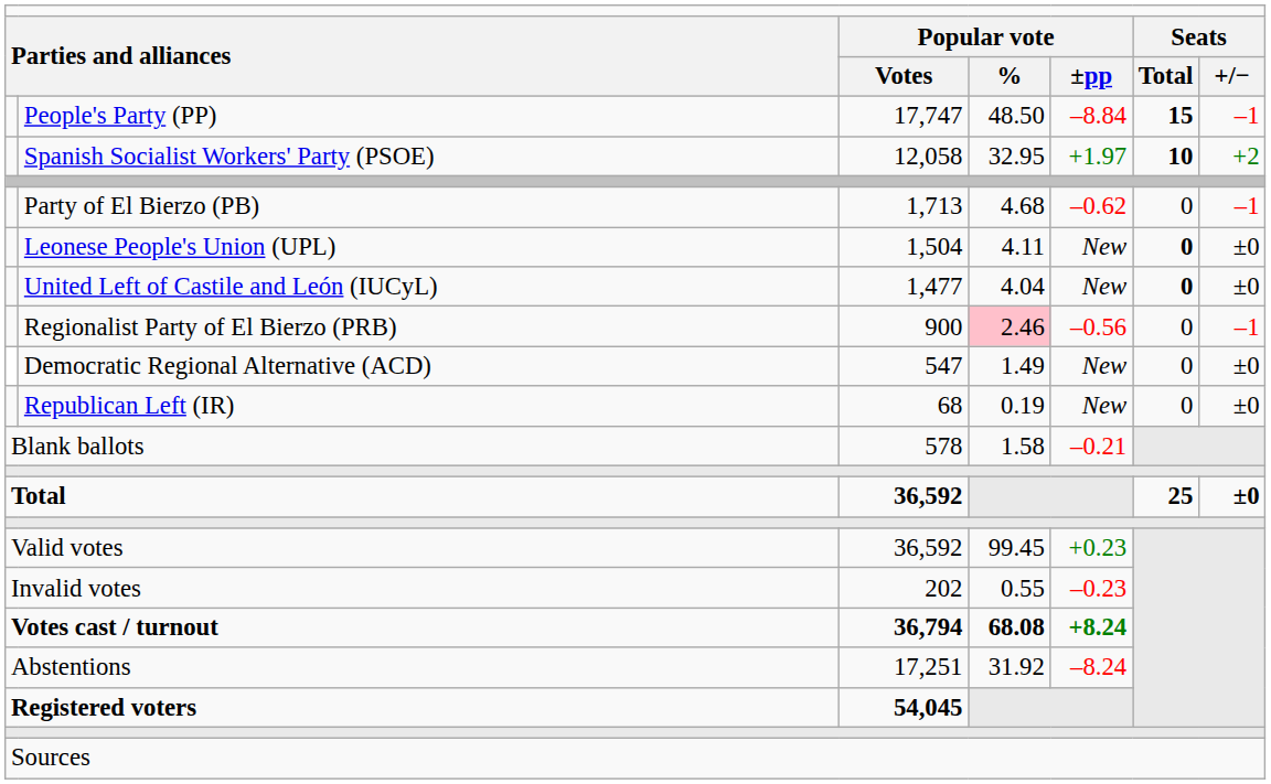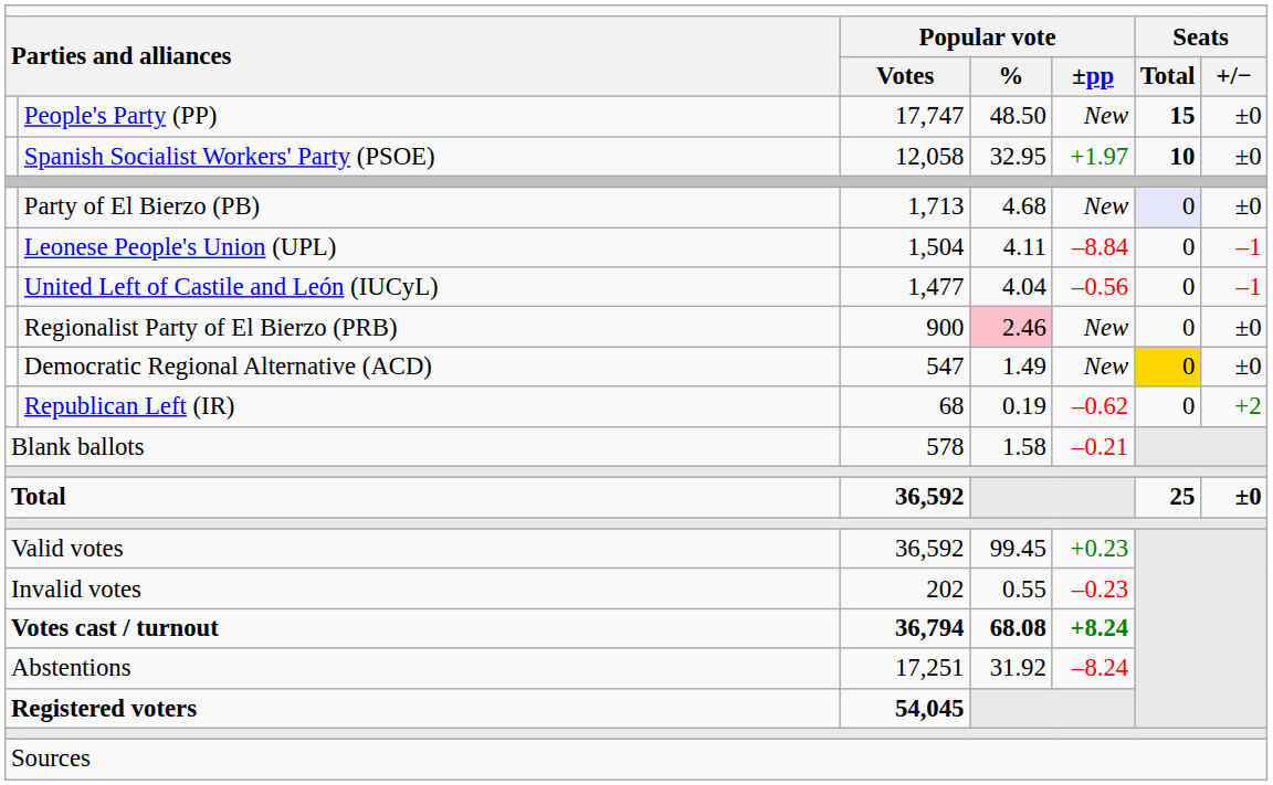 <table class="wikitable" style="text-align:right;">
 <tr>
 <td colspan="7"></td>
 </tr>
 <tr>
 <th style="text-align:left;" rowspan="2" colspan="2" width="525">Parties and alliances</th>
 <th colspan="3">Popular vote</th>
 <th colspan="2">Seats</th>
 </tr>
 <tr>
 <th width="75">Votes</th>
 <th width="45">%</th>
 <th width="45">±<a href='#'>pp</a></th>
 <th width="35">Total</th>
 <th width="35">+/−</th>
 </tr>
 <tr>
 <td width="1" style="color:inherit;background:"></td>
 <td align="left"><a href='#'>People's Party</a> (PP)</td>
 <td>17,747</td>
 <td>48.50</td>
-<td style="color:red;">–8.84</td>
+<td><em>New</em></td>
 <td><strong>15</strong></td>
-<td style="color:red;">–1</td>
+<td>±0</td>
 </tr>
 <tr>
 <td style="color:inherit;background:"></td>
 <td align="left"><a href='#'>Spanish Socialist Workers' Party</a> (PSOE)</td>
 <td>12,058</td>
 <td>32.95</td>
 <td style="color:green;">+1.97</td>
 <td><strong>10</strong></td>
-<td style="color:green;">+2</td>
+<td>±0</td>
 </tr>
 <tr>
 <td colspan="7" bgcolor="#C0C0C0"></td>
 </tr>
 <tr>
 <td style="color:inherit;background:"></td>
 <td align="left">Party of El Bierzo (PB)</td>
 <td>1,713</td>
 <td>4.68</td>
-<td style="color:red;">–0.62</td>
-<td>0</td>
-<td style="color:red;">–1</td>
+<td><em>New</em></td>
+<td style="background: lavender;">0</td>
+<td>±0</td>
 </tr>
 <tr>
 <td style="color:inherit;background:"></td>
 <td align="left"><a href='#'>Leonese People's Union</a> (UPL)</td>
 <td>1,504</td>
 <td>4.11</td>
-<td><em>New</em></td>
-<td><strong>0</strong></td>
-<td>±0</td>
+<td style="color:red;">–8.84</td>
+<td>0</td>
+<td style="color:red;">–1</td>
 </tr>
 <tr>
 <td style="color:inherit;background:"></td>
 <td align="left"><a href='#'>United Left of Castile and León</a> (IUCyL)</td>
 <td>1,477</td>
 <td>4.04</td>
-<td><em>New</em></td>
-<td><strong>0</strong></td>
-<td>±0</td>
+<td style="color:red;">–0.56</td>
+<td>0</td>
+<td style="color:red;">–1</td>
 </tr>
 <tr>
 <td style="color:inherit;background:"></td>
 <td align="left">Regionalist Party of El Bierzo (PRB)</td>
 <td>900</td>
 <td style="background: pink;">2.46</td>
-<td style="color:red;">–0.56</td>
+<td><em>New</em></td>
 <td>0</td>
-<td style="color:red;">–1</td>
+<td>±0</td>
 </tr>
 <tr>
 <td bgcolor="white"></td>
 <td align="left">Democratic Regional Alternative (ACD)</td>
 <td>547</td>
 <td>1.49</td>
 <td><em>New</em></td>
-<td>0</td>
+<td style="background: gold;">0</td>
 <td>±0</td>
 </tr>
 <tr>
 <td style="color:inherit;background:"></td>
 <td align="left"><a href='#'>Republican Left</a> (IR)</td>
 <td>68</td>
 <td>0.19</td>
-<td><em>New</em></td>
+<td style="color:red;">–0.62</td>
 <td>0</td>
-<td>±0</td>
+<td style="color:green;">+2</td>
 </tr>
 <tr>
 <td align="left" colspan="2">Blank ballots</td>
 <td>578</td>
 <td>1.58</td>
 <td style="color:red;">–0.21</td>
 <td bgcolor="#E9E9E9" colspan="2"></td>
 </tr>
 <tr>
 <td colspan="7" bgcolor="#E9E9E9"></td>
 </tr>
 <tr style="font-weight:bold;">
 <td align="left" colspan="2">Total</td>
 <td>36,592</td>
 <td bgcolor="#E9E9E9" colspan="2"></td>
 <td>25</td>
 <td>±0</td>
 </tr>
 <tr>
 <td colspan="7" bgcolor="#E9E9E9"></td>
 </tr>
 <tr>
 <td align="left" colspan="2">Valid votes</td>
 <td>36,592</td>
 <td>99.45</td>
 <td style="color:green;">+0.23</td>
 <td bgcolor="#E9E9E9" colspan="2" rowspan="5"></td>
 </tr>
 <tr>
 <td align="left" colspan="2">Invalid votes</td>
 <td>202</td>
 <td>0.55</td>
 <td style="color:red;">–0.23</td>
 </tr>
 <tr style="font-weight:bold;">
 <td align="left" colspan="2">Votes cast / turnout</td>
 <td>36,794</td>
 <td>68.08</td>
 <td style="color:green;">+8.24</td>
 </tr>
 <tr>
 <td align="left" colspan="2">Abstentions</td>
 <td>17,251</td>
 <td>31.92</td>
 <td style="color:red;">–8.24</td>
 </tr>
 <tr style="font-weight:bold;">
 <td align="left" colspan="2">Registered voters</td>
 <td>54,045</td>
 <td bgcolor="#E9E9E9" colspan="2"></td>
 </tr>
 <tr>
 <td colspan="7" bgcolor="#E9E9E9"></td>
 </tr>
 <tr>
 <td align="left" colspan="7">Sources</td>
 </tr>
 </table>
